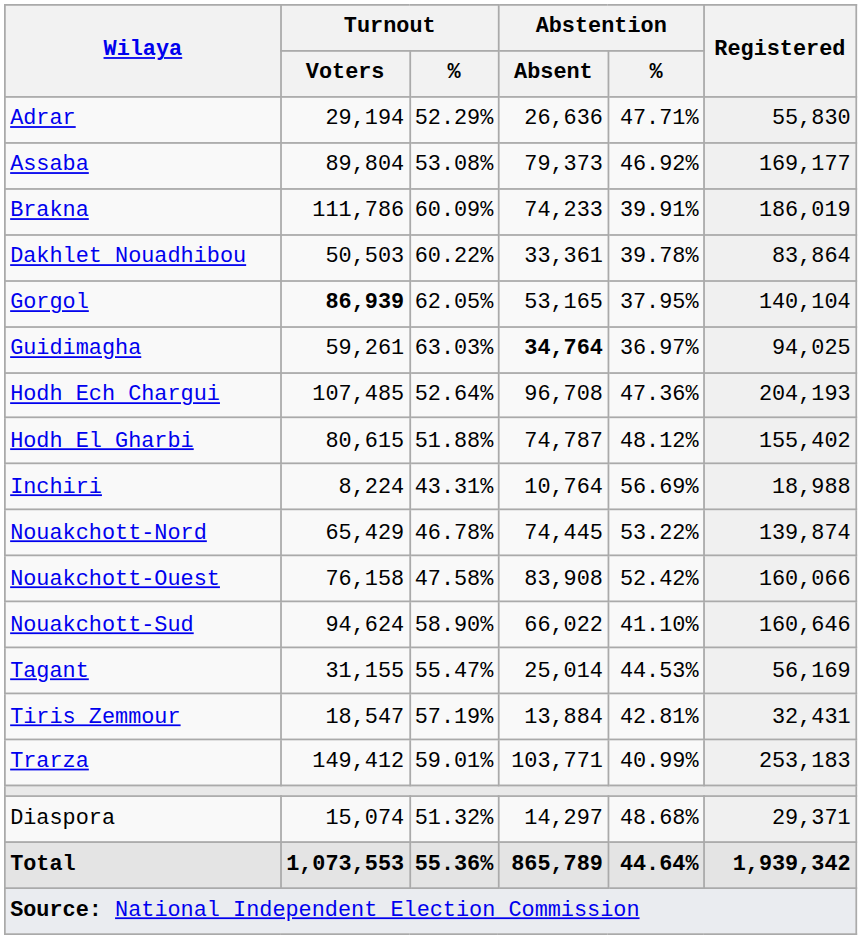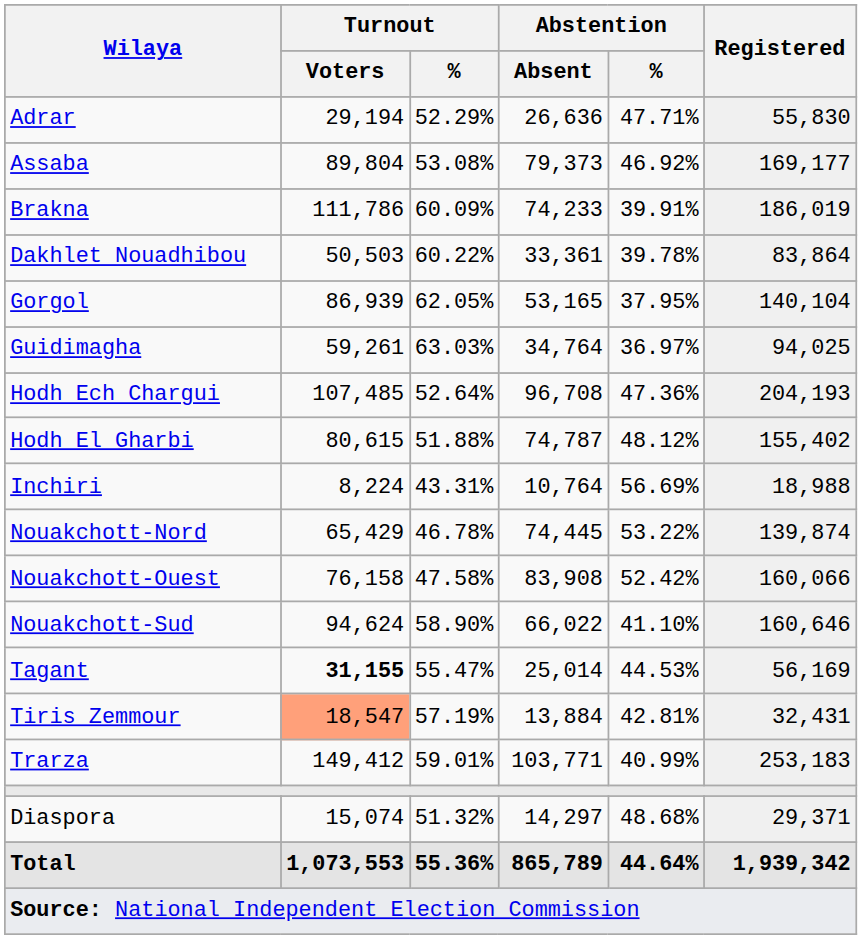 <table class="wikitable sortable collapsible mw-datatable" style="text-align:right; font-size:95%; line-height:20px">
 <tr>
 <th width="150" rowspan="2"><a href='#'>Wilaya</a></th>
 <th width="110" colspan="2">Turnout</th>
 <th width="110" colspan="2">Abstention</th>
 <th width="80" rowspan="2">Registered</th>
 </tr>
 <tr>
 <th>Voters</th>
 <th>%</th>
 <th>Absent</th>
 <th>%</th>
 </tr>
 <tr>
 <td style="text-align:left"><a href='#'>Adrar</a></td>
 <td>29,194</td>
 <td>52.29%</td>
 <td>26,636</td>
 <td>47.71%</td>
 <td style="background:#F0F0F0;">55,830</td>
 </tr>
 <tr>
 <td style="text-align:left"><a href='#'>Assaba</a></td>
 <td>89,804</td>
 <td>53.08%</td>
 <td>79,373</td>
 <td>46.92%</td>
 <td style="background:#F0F0F0;">169,177</td>
 </tr>
 <tr>
 <td style="text-align:left"><a href='#'>Brakna</a></td>
 <td>111,786</td>
 <td>60.09%</td>
 <td>74,233</td>
 <td>39.91%</td>
 <td style="background:#F0F0F0;">186,019</td>
 </tr>
 <tr>
 <td style="text-align:left"><a href='#'>Dakhlet Nouadhibou</a></td>
 <td>50,503</td>
 <td>60.22%</td>
 <td>33,361</td>
 <td>39.78%</td>
 <td style="background:#F0F0F0;">83,864</td>
 </tr>
 <tr>
 <td style="text-align:left"><a href='#'>Gorgol</a></td>
-<td><strong>86,939</strong></td>
+<td>86,939</td>
 <td>62.05%</td>
 <td>53,165</td>
 <td>37.95%</td>
 <td style="background:#F0F0F0;">140,104</td>
 </tr>
 <tr>
 <td style="text-align:left"><a href='#'>Guidimagha</a></td>
 <td>59,261</td>
 <td>63.03%</td>
-<td><strong>34,764</strong></td>
+<td>34,764</td>
 <td>36.97%</td>
 <td style="background:#F0F0F0;">94,025</td>
 </tr>
 <tr>
 <td style="text-align:left"><a href='#'>Hodh Ech Chargui</a></td>
 <td>107,485</td>
 <td>52.64%</td>
 <td>96,708</td>
 <td>47.36%</td>
 <td style="background:#F0F0F0;">204,193</td>
 </tr>
 <tr>
 <td style="text-align:left"><a href='#'>Hodh El Gharbi</a></td>
 <td>80,615</td>
 <td>51.88%</td>
 <td>74,787</td>
 <td>48.12%</td>
 <td style="background:#F0F0F0;">155,402</td>
 </tr>
 <tr>
 <td style="text-align:left"><a href='#'>Inchiri</a></td>
 <td>8,224</td>
 <td>43.31%</td>
 <td>10,764</td>
 <td>56.69%</td>
 <td style="background:#F0F0F0;">18,988</td>
 </tr>
 <tr>
 <td style="text-align:left"><a href='#'>Nouakchott-Nord</a></td>
 <td>65,429</td>
 <td>46.78%</td>
 <td>74,445</td>
 <td>53.22%</td>
 <td style="background:#F0F0F0;">139,874</td>
 </tr>
 <tr>
 <td style="text-align:left"><a href='#'>Nouakchott-Ouest</a></td>
 <td>76,158</td>
 <td>47.58%</td>
 <td>83,908</td>
 <td>52.42%</td>
 <td style="background:#F0F0F0;">160,066</td>
 </tr>
 <tr>
 <td style="text-align:left"><a href='#'>Nouakchott-Sud</a></td>
 <td>94,624</td>
 <td>58.90%</td>
 <td>66,022</td>
 <td>41.10%</td>
 <td style="background:#F0F0F0;">160,646</td>
 </tr>
 <tr>
 <td style="text-align:left"><a href='#'>Tagant</a></td>
-<td>31,155</td>
+<td><strong>31,155</strong></td>
 <td>55.47%</td>
 <td>25,014</td>
 <td>44.53%</td>
 <td style="background:#F0F0F0;">56,169</td>
 </tr>
 <tr>
 <td style="text-align:left"><a href='#'>Tiris Zemmour</a></td>
-<td>18,547</td>
+<td style="background: lightsalmon;">18,547</td>
 <td>57.19%</td>
 <td>13,884</td>
 <td>42.81%</td>
 <td style="background:#F0F0F0;">32,431</td>
 </tr>
 <tr>
 <td style="text-align:left"><a href='#'>Trarza</a></td>
 <td>149,412</td>
 <td>59.01%</td>
 <td>103,771</td>
 <td>40.99%</td>
 <td style="background:#F0F0F0;">253,183</td>
 </tr>
 <tr class="sortbottom">
 <td colspan="6" style="background:#E9E9E9;"></td>
 </tr>
 <tr>
 <td style="text-align:left">Diaspora</td>
 <td>15,074</td>
 <td>51.32%</td>
 <td>14,297</td>
 <td>48.68%</td>
 <td style="background:#F0F0F0;">29,371</td>
 </tr>
 <tr class="sortbottom" style="font-weight:bold; background:#E4E4E4;">
 <td align="left">Total</td>
 <td>1,073,553</td>
 <td>55.36%</td>
 <td>865,789</td>
 <td>44.64%</td>
 <td>1,939,342</td>
 </tr>
 <tr class="sortbottom">
 <td colspan="6" style="text-align:left; background-color:#eaecf0"><strong>Source:</strong> <a href='#'>National Independent Election Commission</a></td>
 </tr>
 </table>
